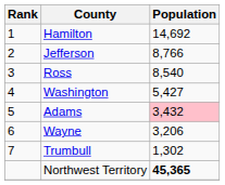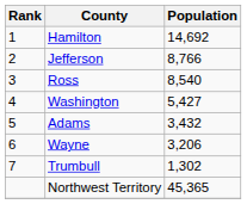 <table class=wikitable>
 <tr>
 <th>Rank</th>
 <th>County</th>
 <th>Population</th>
 </tr>
 <tr>
 <td>1</td>
 <td><a href='#'>Hamilton</a></td>
 <td>14,692</td>
 </tr>
 <tr>
 <td>2</td>
 <td><a href='#'>Jefferson</a></td>
 <td>8,766</td>
 </tr>
 <tr>
 <td>3</td>
 <td><a href='#'>Ross</a></td>
 <td>8,540</td>
 </tr>
 <tr>
 <td>4</td>
 <td><a href='#'>Washington</a></td>
 <td>5,427</td>
 </tr>
 <tr>
 <td>5</td>
 <td><a href='#'>Adams</a></td>
-<td style="background: pink;">3,432</td>
+<td>3,432</td>
 </tr>
 <tr>
 <td>6</td>
 <td><a href='#'>Wayne</a></td>
 <td>3,206</td>
 </tr>
 <tr>
 <td>7</td>
 <td><a href='#'>Trumbull</a></td>
 <td>1,302</td>
 </tr>
 <tr>
 <td></td>
 <td>Northwest Territory</td>
-<td><strong>45,365</strong></td>
+<td>45,365</td>
 </tr>
 <tr>
 </tr>
 </table>
